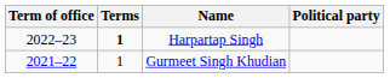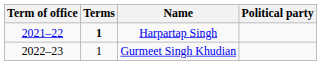 <table class="wikitable sortable">
 <tr>
 <th>Term of office</th>
 <th>Terms</th>
 <th>Name</th>
 <th colspan="2">Political party</th>
 </tr>
 <tr align="center">
-<td>2022–23</td>
+<td><a href='#'>2021–22</a></td>
 <td><strong>1</strong></td>
 <td><a href='#'>Harpartap Singh</a></td>
 <td></td>
 </tr>
 <tr align="center">
-<td><a href='#'>2021–22</a></td>
+<td>2022–23</td>
 <td>1</td>
 <td><a href='#'>Gurmeet Singh Khudian</a></td>
 <td></td>
 </tr>
 </table>
